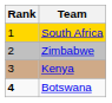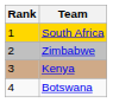 <table class="wikitable">
 <tr>
 <th>Rank</th>
 <th>Team</th>
 </tr>
 <tr bgcolor=#FFD700>
 <td>1</td>
 <td> <a href='#'>South Africa</a></td>
 </tr>
 <tr bgcolor=silver>
 <td>2</td>
 <td> <a href='#'>Zimbabwe</a></td>
 </tr>
 <tr bgcolor=cfaa88>
 <td>3</td>
 <td> <a href='#'>Kenya</a></td>
 </tr>
 <tr>
-<td><strong>4</strong></td>
+<td>4</td>
 <td> <a href='#'>Botswana</a></td>
 </tr>
 </table>
